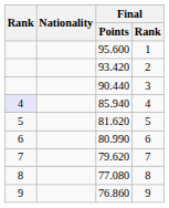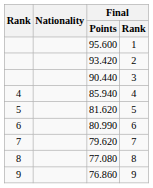 <table class="wikitable" style="text-align:center">
 <tr>
 <th rowspan="2">Rank</th>
 <th rowspan="2">Nationality</th>
 <th colspan="2">Final</th>
 </tr>
 <tr>
 <th>Points</th>
 <th>Rank</th>
 </tr>
 <tr>
 <td></td>
 <td align=left></td>
 <td>95.600</td>
 <td>1</td>
 </tr>
 <tr>
 <td></td>
 <td align=left></td>
 <td>93.420</td>
 <td>2</td>
 </tr>
 <tr>
 <td></td>
 <td align=left></td>
 <td>90.440</td>
 <td>3</td>
 </tr>
 <tr>
-<td style="background: lavender;">4</td>
+<td>4</td>
 <td align=left></td>
 <td>85.940</td>
 <td>4</td>
 </tr>
 <tr>
 <td>5</td>
 <td align=left></td>
 <td>81.620</td>
 <td>5</td>
 </tr>
 <tr>
 <td>6</td>
 <td align=left></td>
 <td>80.990</td>
 <td>6</td>
 </tr>
 <tr>
 <td>7</td>
 <td align=left></td>
 <td>79.620</td>
 <td>7</td>
 </tr>
 <tr>
 <td>8</td>
 <td align=left></td>
 <td>77.080</td>
 <td>8</td>
 </tr>
 <tr>
 <td>9</td>
 <td align=left></td>
 <td>76.860</td>
 <td>9</td>
 </tr>
 </table>
